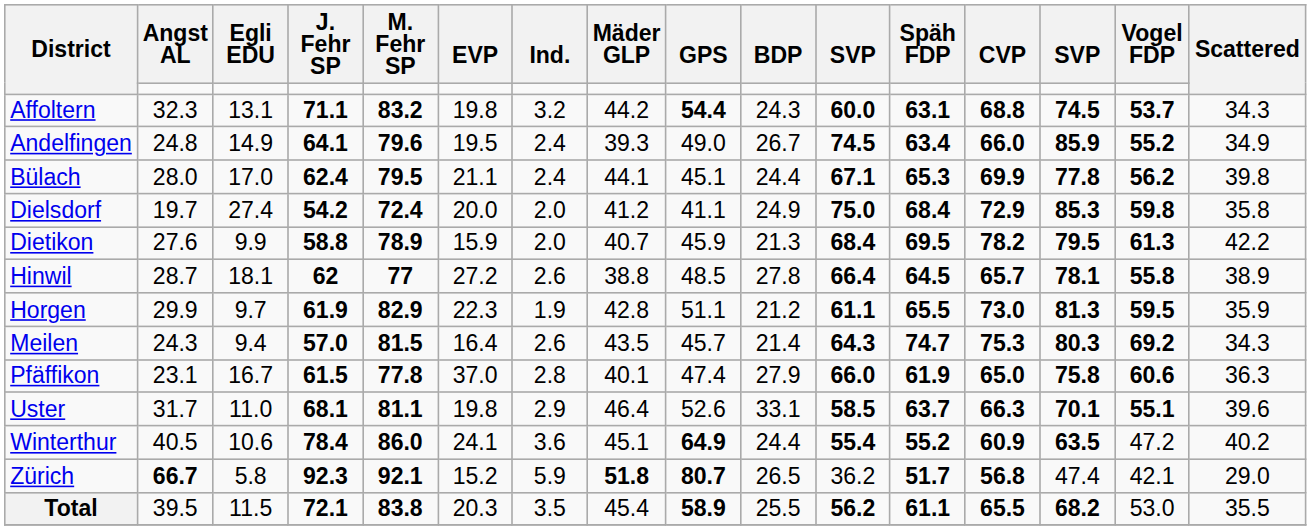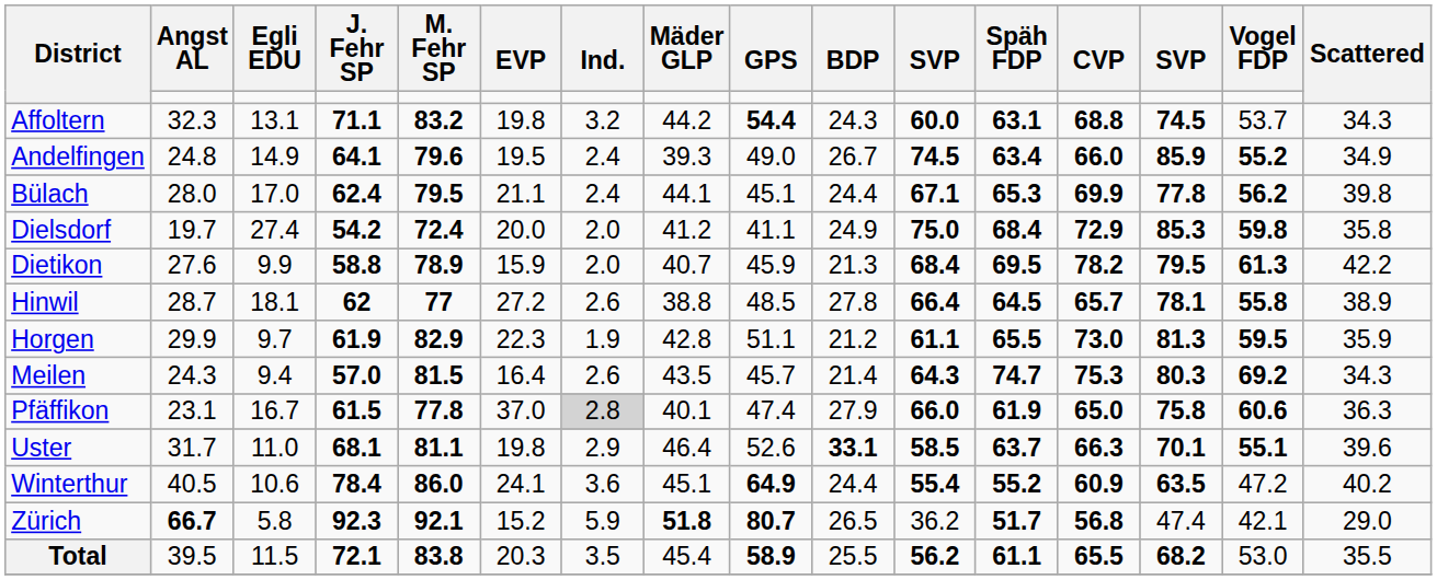 <table class="wikitable" style="text-align:center; font-size:90%; line-height:14px;">
 <tr>
 <th rowspan="2">District</th>
 <th>Angst<br>AL</th>
 <th>Egli<br>EDU</th>
 <th>J. Fehr<br>SP</th>
 <th>M. Fehr<br>SP</th>
 <th><br>EVP</th>
 <th><br>Ind.</th>
 <th>Mäder<br>GLP</th>
 <th><br>GPS</th>
 <th><br>BDP</th>
 <th><br>SVP</th>
 <th>Späh<br>FDP</th>
 <th><br>CVP</th>
 <th><br>SVP</th>
 <th>Vogel<br>FDP</th>
 <th rowspan="2">Scattered</th>
 </tr>
 <tr>
 <td style="width:40px; background-color:"></td>
 <td style="width:40px; background-color:"></td>
 <td style="width:40px; background-color:"></td>
 <td style="width:40px; background-color:"></td>
 <td style="width:40px; background-color:"></td>
 <td style="width:40px; background-color:"></td>
 <td style="width:40px; background-color:"></td>
 <td style="width:40px; background-color:"></td>
 <td style="width:40px; background-color:"></td>
 <td style="width:40px; background-color:"></td>
 <td style="width:40px; background-color:"></td>
 <td style="width:40px; background-color:"></td>
 <td style="width:40px; background-color:"></td>
 <td style="width:40px; background-color:"></td>
 </tr>
 <tr>
 <td align="left"><a href='#'>Affoltern</a></td>
 <td>32.3</td>
 <td>13.1</td>
 <td style="background-color:#"><strong>71.1</strong></td>
 <td style="background-color:#"><strong>83.2</strong></td>
 <td>19.8</td>
 <td>3.2</td>
 <td>44.2</td>
 <td style="background-color:#"><strong>54.4</strong></td>
 <td>24.3</td>
 <td style="background-color:#"><strong>60.0</strong></td>
 <td style="background-color:#"><strong>63.1</strong></td>
 <td style="background-color:#"><strong>68.8</strong></td>
 <td style="background-color:#"><strong>74.5</strong></td>
-<td><strong>53.7</strong></td>
+<td>53.7</td>
 <td>34.3</td>
 </tr>
 <tr>
 <td align="left"><a href='#'>Andelfingen</a></td>
 <td>24.8</td>
 <td>14.9</td>
 <td style="background-color:#"><strong>64.1</strong></td>
 <td style="background-color:#"><strong>79.6</strong></td>
 <td>19.5</td>
 <td>2.4</td>
 <td>39.3</td>
 <td>49.0</td>
 <td>26.7</td>
 <td style="background-color:#"><strong>74.5</strong></td>
 <td style="background-color:#"><strong>63.4</strong></td>
 <td style="background-color:#"><strong>66.0</strong></td>
 <td style="background-color:#"><strong>85.9</strong></td>
 <td style="background-color:#"><strong>55.2</strong></td>
 <td>34.9</td>
 </tr>
 <tr>
 <td align="left"><a href='#'>Bülach</a></td>
 <td>28.0</td>
 <td>17.0</td>
 <td style="background-color:#"><strong>62.4</strong></td>
 <td style="background-color:#"><strong>79.5</strong></td>
 <td>21.1</td>
 <td>2.4</td>
 <td>44.1</td>
 <td>45.1</td>
 <td>24.4</td>
 <td style="background-color:#"><strong>67.1</strong></td>
 <td style="background-color:#"><strong>65.3</strong></td>
 <td style="background-color:#"><strong>69.9</strong></td>
 <td style="background-color:#"><strong>77.8</strong></td>
 <td style="background-color:#"><strong>56.2</strong></td>
 <td>39.8</td>
 </tr>
 <tr>
 <td align="left"><a href='#'>Dielsdorf</a></td>
 <td>19.7</td>
 <td>27.4</td>
 <td style="background-color:#"><strong>54.2</strong></td>
 <td style="background-color:#"><strong>72.4</strong></td>
 <td>20.0</td>
 <td>2.0</td>
 <td>41.2</td>
 <td>41.1</td>
 <td>24.9</td>
 <td style="background-color:#"><strong>75.0</strong></td>
 <td style="background-color:#"><strong>68.4</strong></td>
 <td style="background-color:#"><strong>72.9</strong></td>
 <td style="background-color:#"><strong>85.3</strong></td>
 <td style="background-color:#"><strong>59.8</strong></td>
 <td>35.8</td>
 </tr>
 <tr>
 <td align="left"><a href='#'>Dietikon</a></td>
 <td>27.6</td>
 <td>9.9</td>
 <td style="background-color:#"><strong>58.8</strong></td>
 <td style="background-color:#"><strong>78.9</strong></td>
 <td>15.9</td>
 <td>2.0</td>
 <td>40.7</td>
 <td>45.9</td>
 <td>21.3</td>
 <td style="background-color:#"><strong>68.4</strong></td>
 <td style="background-color:#"><strong>69.5</strong></td>
 <td style="background-color:#"><strong>78.2</strong></td>
 <td style="background-color:#"><strong>79.5</strong></td>
 <td style="background-color:#"><strong>61.3</strong></td>
 <td>42.2</td>
 </tr>
 <tr>
 <td align="left"><a href='#'>Hinwil</a></td>
 <td>28.7</td>
 <td>18.1</td>
 <td style="background-color:#"><strong>62</strong></td>
 <td style="background-color:#"><strong>77</strong></td>
 <td>27.2</td>
 <td>2.6</td>
 <td>38.8</td>
 <td>48.5</td>
 <td>27.8</td>
 <td style="background-color:#"><strong>66.4</strong></td>
 <td style="background-color:#"><strong>64.5</strong></td>
 <td style="background-color:#"><strong>65.7</strong></td>
 <td style="background-color:#"><strong>78.1</strong></td>
 <td style="background-color:#"><strong>55.8</strong></td>
 <td>38.9</td>
 </tr>
 <tr>
 <td align="left"><a href='#'>Horgen</a></td>
 <td>29.9</td>
 <td>9.7</td>
 <td style="background-color:#"><strong>61.9</strong></td>
 <td style="background-color:#"><strong>82.9</strong></td>
 <td>22.3</td>
 <td>1.9</td>
 <td>42.8</td>
 <td>51.1</td>
 <td>21.2</td>
 <td style="background-color:#"><strong>61.1</strong></td>
 <td style="background-color:#"><strong>65.5</strong></td>
 <td style="background-color:#"><strong>73.0</strong></td>
 <td style="background-color:#"><strong>81.3</strong></td>
 <td style="background-color:#"><strong>59.5</strong></td>
 <td>35.9</td>
 </tr>
 <tr>
 <td align="left"><a href='#'>Meilen</a></td>
 <td>24.3</td>
 <td>9.4</td>
 <td style="background-color:#"><strong>57.0</strong></td>
 <td style="background-color:#"><strong>81.5</strong></td>
 <td>16.4</td>
 <td>2.6</td>
 <td>43.5</td>
 <td>45.7</td>
 <td>21.4</td>
 <td style="background-color:#"><strong>64.3</strong></td>
 <td style="background-color:#"><strong>74.7</strong></td>
 <td style="background-color:#"><strong>75.3</strong></td>
 <td style="background-color:#"><strong>80.3</strong></td>
 <td style="background-color:#"><strong>69.2</strong></td>
 <td>34.3</td>
 </tr>
 <tr>
 <td align="left"><a href='#'>Pfäffikon</a></td>
 <td>23.1</td>
 <td>16.7</td>
 <td style="background-color:#"><strong>61.5</strong></td>
 <td style="background-color:#"><strong>77.8</strong></td>
 <td>37.0</td>
-<td>2.8</td>
+<td style="background: lightgrey;">2.8</td>
 <td>40.1</td>
 <td>47.4</td>
 <td>27.9</td>
 <td style="background-color:#"><strong>66.0</strong></td>
 <td style="background-color:#"><strong>61.9</strong></td>
 <td style="background-color:#"><strong>65.0</strong></td>
 <td style="background-color:#"><strong>75.8</strong></td>
 <td style="background-color:#"><strong>60.6</strong></td>
 <td>36.3</td>
 </tr>
 <tr>
 <td align="left"><a href='#'>Uster</a></td>
 <td>31.7</td>
 <td>11.0</td>
 <td style="background-color:#"><strong>68.1</strong></td>
 <td style="background-color:#"><strong>81.1</strong></td>
 <td>19.8</td>
 <td>2.9</td>
 <td>46.4</td>
 <td>52.6</td>
-<td>33.1</td>
+<td><strong>33.1</strong></td>
 <td style="background-color:#"><strong>58.5</strong></td>
 <td style="background-color:#"><strong>63.7</strong></td>
 <td style="background-color:#"><strong>66.3</strong></td>
 <td style="background-color:#"><strong>70.1</strong></td>
 <td style="background-color:#"><strong>55.1</strong></td>
 <td>39.6</td>
 </tr>
 <tr>
 <td align="left"><a href='#'>Winterthur</a></td>
 <td>40.5</td>
 <td>10.6</td>
 <td style="background-color:#"><strong>78.4</strong></td>
 <td style="background-color:#"><strong>86.0</strong></td>
 <td>24.1</td>
 <td>3.6</td>
 <td>45.1</td>
 <td style="background-color:#"><strong>64.9</strong></td>
 <td>24.4</td>
 <td style="background-color:#"><strong>55.4</strong></td>
 <td style="background-color:#"><strong>55.2</strong></td>
 <td style="background-color:#"><strong>60.9</strong></td>
 <td style="background-color:#"><strong>63.5</strong></td>
 <td>47.2</td>
 <td>40.2</td>
 </tr>
 <tr>
 <td align="left"><a href='#'>Zürich</a></td>
 <td style="background-color:#"><strong>66.7</strong></td>
 <td>5.8</td>
 <td style="background-color:#"><strong>92.3</strong></td>
 <td style="background-color:#"><strong>92.1</strong></td>
 <td>15.2</td>
 <td>5.9</td>
 <td style="background-color:#"><strong>51.8</strong></td>
 <td style="background-color:#"><strong>80.7</strong></td>
 <td>26.5</td>
 <td>36.2</td>
 <td style="background-color:#"><strong>51.7</strong></td>
 <td style="background-color:#"><strong>56.8</strong></td>
 <td>47.4</td>
 <td>42.1</td>
 <td>29.0</td>
 </tr>
 <tr>
 <th>Total</th>
 <td>39.5</td>
 <td>11.5</td>
 <td style="background-color:#"><strong>72.1</strong></td>
 <td style="background-color:#"><strong>83.8</strong></td>
 <td>20.3</td>
 <td>3.5</td>
 <td>45.4</td>
 <td style="background-color:#"><strong>58.9</strong></td>
 <td>25.5</td>
 <td style="background-color:#"><strong>56.2</strong></td>
 <td style="background-color:#"><strong>61.1</strong></td>
 <td style="background-color:#"><strong>65.5</strong></td>
 <td style="background-color:#"><strong>68.2</strong></td>
 <td>53.0</td>
 <td>35.5</td>
 </tr>
 <tr>
 </tr>
 </table>
